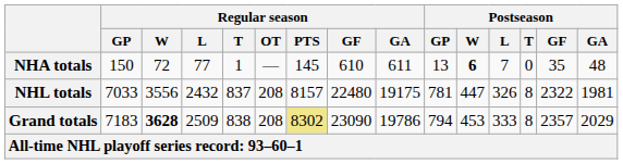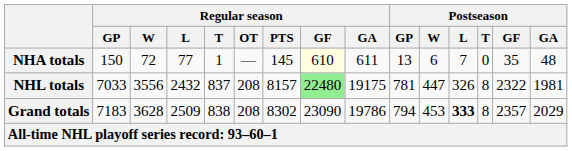 <table class="wikitable" style="text-align: center; font-size: 95%">
 <tr align="center" style="font-size: small; font-weight:bold; background-color:#dddddd; padding:5px;">
 <th rowspan="2" scope="col"></th>
 <th colspan="8">Regular season</th>
 <th colspan="6">Postseason</th>
 </tr>
 <tr align="center" style="font-size: small; font-weight:bold; background-color:#dddddd; padding:5px;">
 <th scope="col">GP</th>
 <th scope="col">W</th>
 <th scope="col">L</th>
 <th scope="col">T</th>
 <th scope="col">OT</th>
 <th scope="col">PTS</th>
 <th scope="col">GF</th>
 <th scope="col">GA</th>
 <th scope="col">GP</th>
 <th scope="col">W</th>
 <th scope="col">L</th>
 <th scope="col">T</th>
 <th scope="col">GF</th>
 <th scope="col">GA</th>
 </tr>
 <tr>
 <th scope="row">NHA totals</th>
 <td>150</td>
 <td>72</td>
 <td>77</td>
 <td>1</td>
 <td>—</td>
 <td>145</td>
-<td>610</td>
+<td style="background: lightyellow;">610</td>
 <td>611</td>
 <td>13</td>
-<td><strong>6</strong></td>
+<td>6</td>
 <td>7</td>
 <td>0</td>
 <td>35</td>
 <td>48</td>
 </tr>
 <tr>
 <th scope="row">NHL totals</th>
 <td>7033</td>
 <td>3556</td>
 <td>2432</td>
 <td>837</td>
 <td>208</td>
 <td>8157</td>
-<td>22480</td>
+<td style="background: lightgreen;">22480</td>
 <td>19175</td>
 <td>781</td>
 <td>447</td>
 <td>326</td>
 <td>8</td>
 <td>2322</td>
 <td>1981</td>
 </tr>
 <tr>
 <th scope="row">Grand totals</th>
 <td>7183</td>
-<td><strong>3628</strong></td>
+<td>3628</td>
 <td>2509</td>
 <td>838</td>
 <td>208</td>
-<td style="background: khaki;">8302</td>
+<td>8302</td>
 <td>23090</td>
 <td>19786</td>
 <td>794</td>
 <td>453</td>
-<td>333</td>
+<td><strong>333</strong></td>
 <td>8</td>
 <td>2357</td>
 <td>2029</td>
 </tr>
 <tr>
 <th colspan="15" style="text-align:left; font-size:95%">All-time NHL playoff series record: 93–60–1</th>
 </tr>
 </table>
